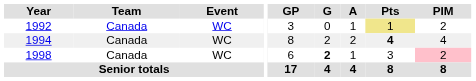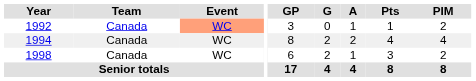 <table border="0" cellpadding="1" cellspacing="0" ID="Table3" style="text-align:center; width:40em">
 <tr ALIGN="center" bgcolor="#e0e0e0">
 <th>Year</th>
 <th>Team</th>
 <th>Event</th>
 <th rowspan="102" bgcolor="#ffffff"></th>
 <th>GP</th>
 <th>G</th>
 <th>A</th>
 <th>Pts</th>
 <th>PIM</th>
 </tr>
 <tr>
 <td><a href='#'>1992</a></td>
 <td><a href='#'>Canada</a></td>
-<td><a href='#'>WC</a></td>
+<td style="background: lightsalmon;"><a href='#'>WC</a></td>
 <td>3</td>
 <td>0</td>
 <td>1</td>
-<td style="background: khaki;">1</td>
+<td>1</td>
 <td>2</td>
 </tr>
 <tr bgcolor="#f0f0f0">
 <td><a href='#'>1994</a></td>
 <td>Canada</td>
 <td>WC</td>
 <td>8</td>
 <td>2</td>
 <td>2</td>
-<td><strong>4</strong></td>
+<td>4</td>
 <td>4</td>
 </tr>
 <tr>
 <td><a href='#'>1998</a></td>
 <td>Canada</td>
 <td>WC</td>
 <td>6</td>
-<td><strong>2</strong></td>
+<td>2</td>
 <td>1</td>
 <td>3</td>
-<td style="background: pink;">2</td>
+<td>2</td>
 </tr>
 <tr bgcolor="#e0e0e0">
 <th colspan=3>Senior totals</th>
 <th>17</th>
 <th>4</th>
 <th>4</th>
 <th>8</th>
 <th>8</th>
 </tr>
 </table>
